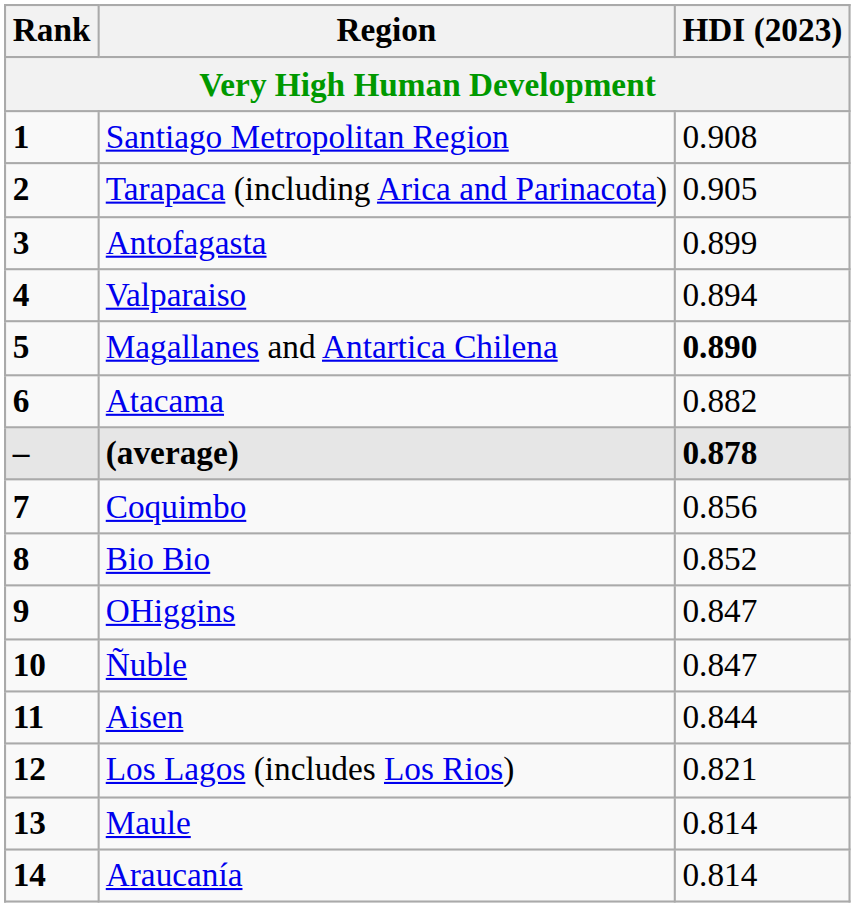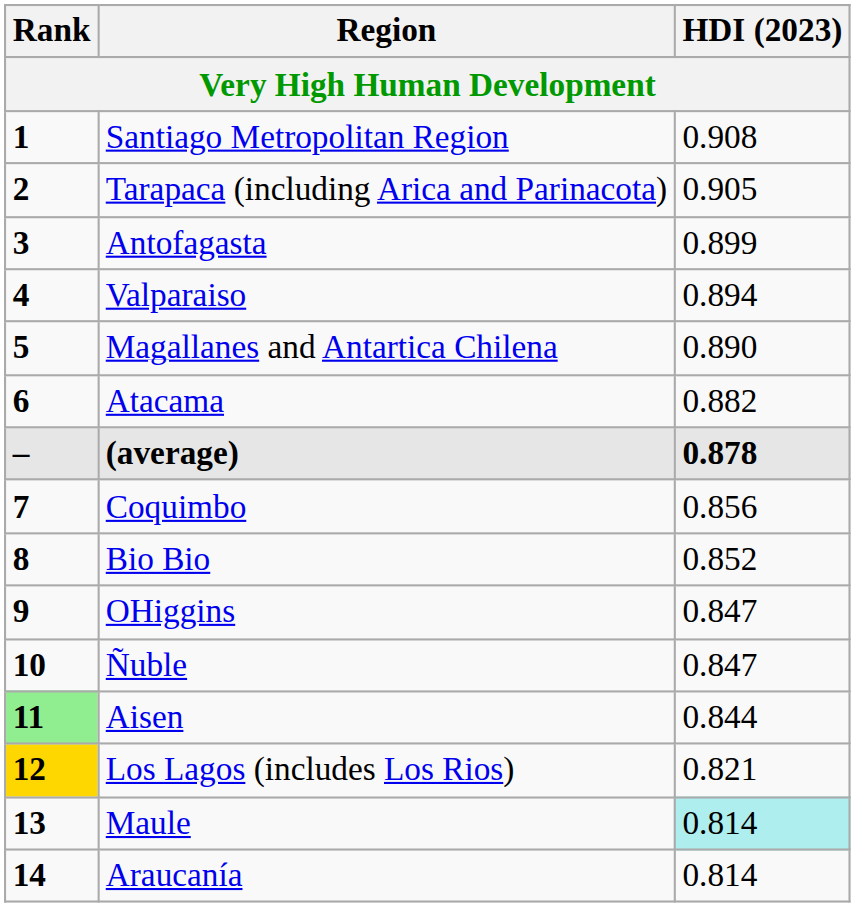 <table class="wikitable">
 <tr>
 <th>Rank</th>
 <th>Region</th>
 <th>HDI (2023)</th>
 </tr>
 <tr>
 <th colspan="3" style="color:#090;">Very High Human Development</th>
 </tr>
 <tr>
 <td><strong>1</strong></td>
 <td><a href='#'>Santiago Metropolitan Region</a></td>
 <td>0.908</td>
 </tr>
 <tr>
 <td><strong>2</strong></td>
 <td><a href='#'>Tarapaca</a> (including <a href='#'>Arica and Parinacota</a>)</td>
 <td>0.905</td>
 </tr>
 <tr>
 <td><strong>3</strong></td>
 <td><a href='#'>Antofagasta</a></td>
 <td>0.899</td>
 </tr>
 <tr>
 <td><strong>4</strong></td>
 <td><a href='#'>Valparaiso</a></td>
 <td>0.894</td>
 </tr>
 <tr>
 <td><strong>5</strong></td>
 <td><a href='#'>Magallanes</a> and <a href='#'>Antartica Chilena</a></td>
-<td><strong>0.890</strong></td>
+<td>0.890</td>
 </tr>
 <tr>
 <td><strong>6</strong></td>
 <td><a href='#'>Atacama</a></td>
 <td>0.882</td>
 </tr>
 <tr style="background:#e6e6e6">
 <td><strong>–</strong></td>
 <td><strong> (average)</strong></td>
 <td><strong>0.878</strong></td>
 </tr>
 <tr>
 <td><strong>7</strong></td>
 <td><a href='#'>Coquimbo</a></td>
 <td>0.856</td>
 </tr>
 <tr>
 <td><strong>8</strong></td>
 <td><a href='#'>Bio Bio</a></td>
 <td>0.852</td>
 </tr>
 <tr>
 <td><strong>9</strong></td>
 <td><a href='#'>OHiggins</a></td>
 <td>0.847</td>
 </tr>
 <tr>
 <td><strong>10</strong></td>
 <td><a href='#'>Ñuble</a></td>
 <td>0.847</td>
 </tr>
 <tr>
-<td><strong>11</strong></td>
+<td style="background: lightgreen;"><strong>11</strong></td>
 <td><a href='#'>Aisen</a></td>
 <td>0.844</td>
 </tr>
 <tr>
-<td><strong>12</strong></td>
+<td style="background: gold;"><strong>12</strong></td>
 <td><a href='#'>Los Lagos</a> (includes <a href='#'>Los Rios</a>)</td>
 <td>0.821</td>
 </tr>
 <tr>
 <td><strong>13</strong></td>
 <td><a href='#'>Maule</a></td>
-<td>0.814</td>
+<td style="background: paleturquoise;">0.814</td>
 </tr>
 <tr>
 <td><strong>14</strong></td>
 <td><a href='#'>Araucanía</a></td>
 <td>0.814</td>
 </tr>
 </table>
